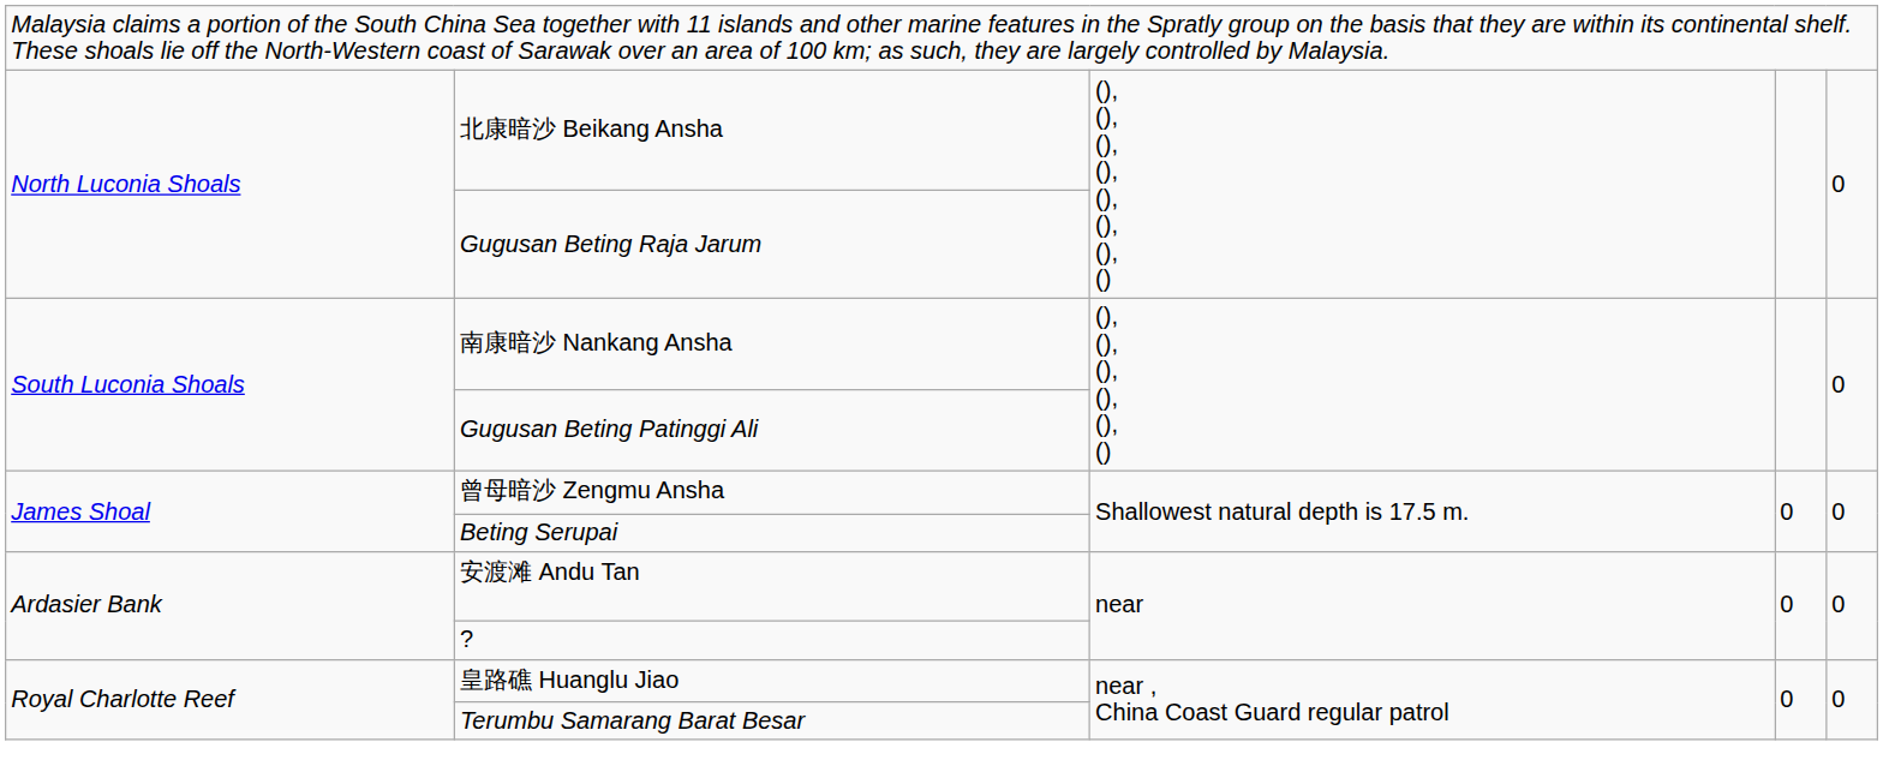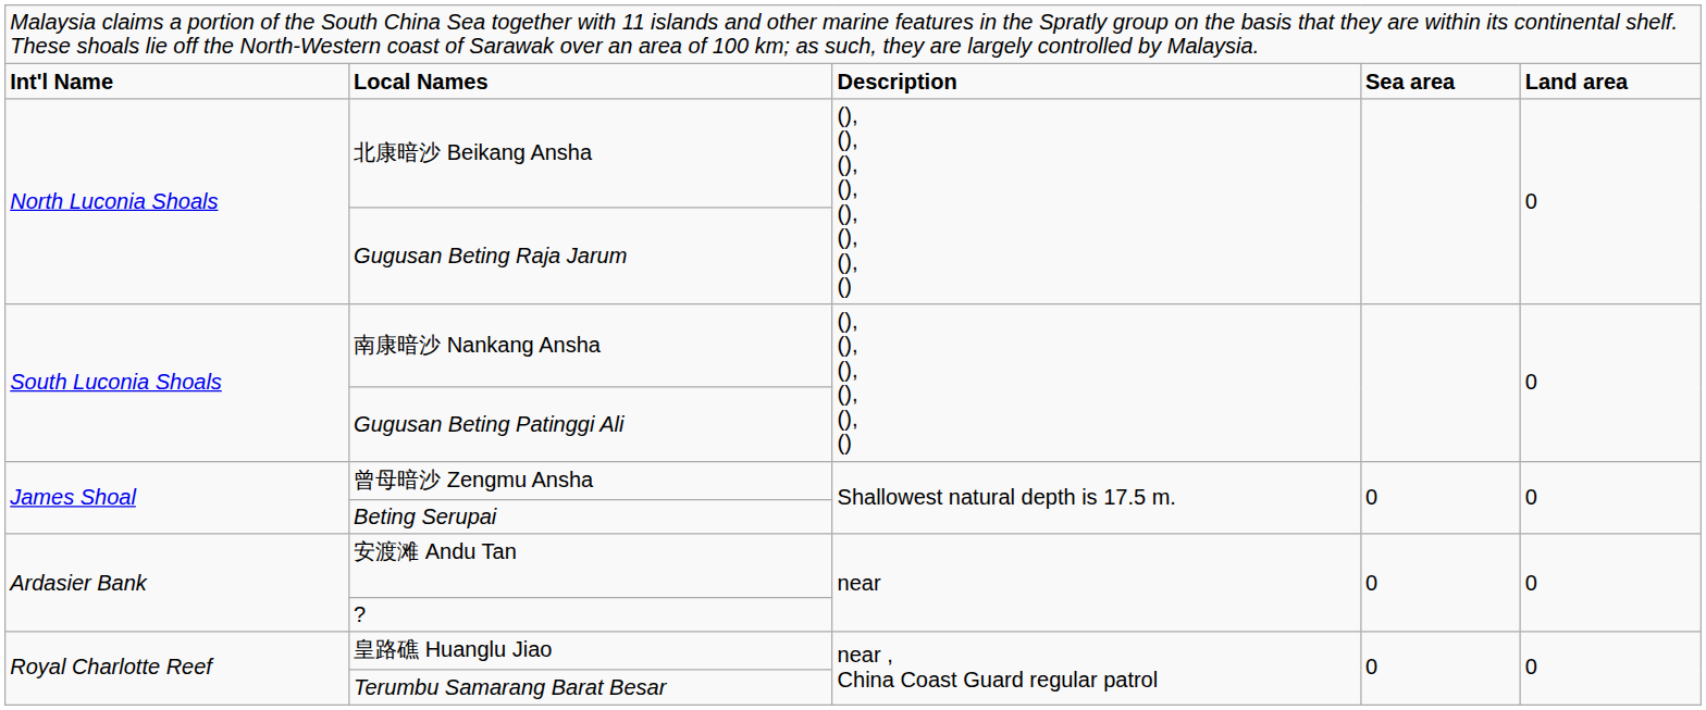 <table class="wikitable">
 <tr>
 <td colspan="5"><em>Malaysia claims a portion of the South China Sea together with 11 islands and other marine features in the Spratly group on the basis that they are within its continental shelf. These shoals lie off the North-Western coast of Sarawak over an area of 100 km; as such, they are largely controlled by Malaysia.</em></td>
+</tr>
+<tr>
+<td><strong>Int'l Name</strong></td>
+<td><strong>Local Names</strong></td>
+<td><strong>Description</strong></td>
+<td><strong>Sea area</strong></td>
+<td><strong>Land area</strong></td>
 </tr>
 <tr>
 <td rowspan="2"><em><a href='#'>North Luconia Shoals</a></em></td>
 <td> 北康暗沙 Beikang Ansha</td>
 <td rowspan="2"> (),<br>  (),<br>  (),<br>  (),<br>  (),<br>  (),<br>  (),<br>  ()</td>
 <td rowspan="2"></td>
 <td rowspan="2">0</td>
 </tr>
 <tr>
 <td> <em>Gugusan Beting Raja Jarum</em></td>
 </tr>
 <tr>
 <td rowspan="2"><em><a href='#'>South Luconia Shoals</a></em></td>
 <td> 南康暗沙 Nankang Ansha</td>
 <td rowspan="2"> (),<br>  (),<br>  (),<br>  (),<br>  (),<br>  ()</td>
 <td rowspan="2"></td>
 <td rowspan="2">0</td>
 </tr>
 <tr>
 <td> <em>Gugusan Beting Patinggi Ali</em></td>
 </tr>
 <tr>
 <td rowspan="2"><em><a href='#'>James Shoal</a></em></td>
 <td> 曾母暗沙 Zengmu Ansha</td>
 <td rowspan="2">Shallowest natural depth is 17.5 m.</td>
 <td rowspan="2">0</td>
 <td rowspan="2">0</td>
 </tr>
 <tr>
 <td> <em>Beting Serupai</em></td>
 </tr>
 <tr>
 <td rowspan="2"><em>Ardasier Bank</em></td>
 <td> 安渡滩 Andu Tan<br><br></td>
 <td rowspan="2">near </td>
 <td rowspan="2">0</td>
 <td rowspan="2">0</td>
 </tr>
 <tr>
 <td> ?</td>
 </tr>
 <tr>
 <td rowspan="2"><em>Royal Charlotte Reef</em></td>
 <td> 皇路礁 Huanglu Jiao</td>
 <td rowspan="2">near ,<br>  China Coast Guard regular patrol</td>
 <td rowspan="2">0</td>
 <td rowspan="2">0</td>
 </tr>
 <tr>
 <td> <em>Terumbu Samarang Barat Besar</em></td>
 </tr>
 </table>
